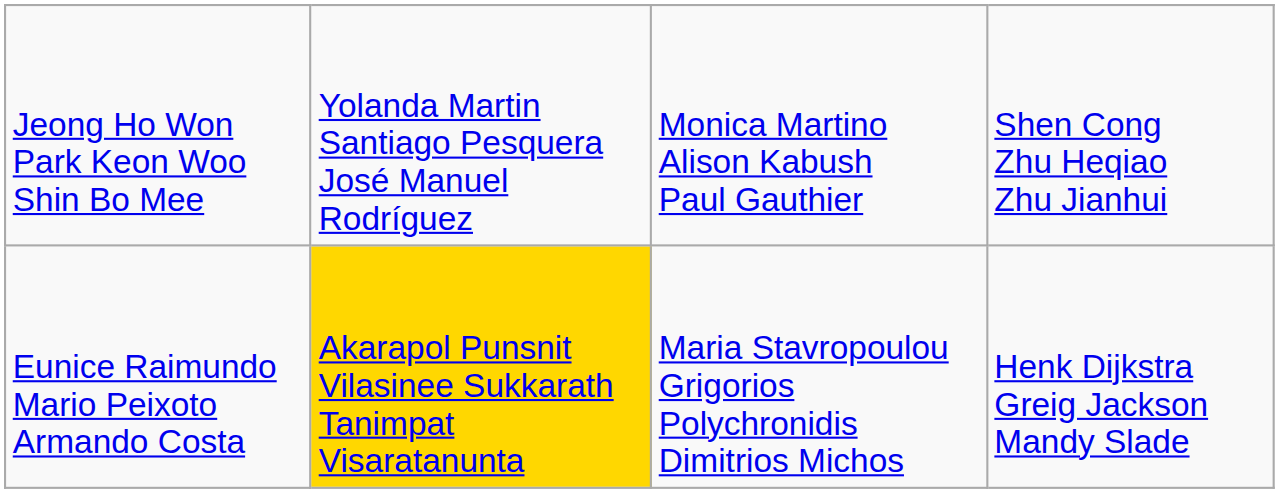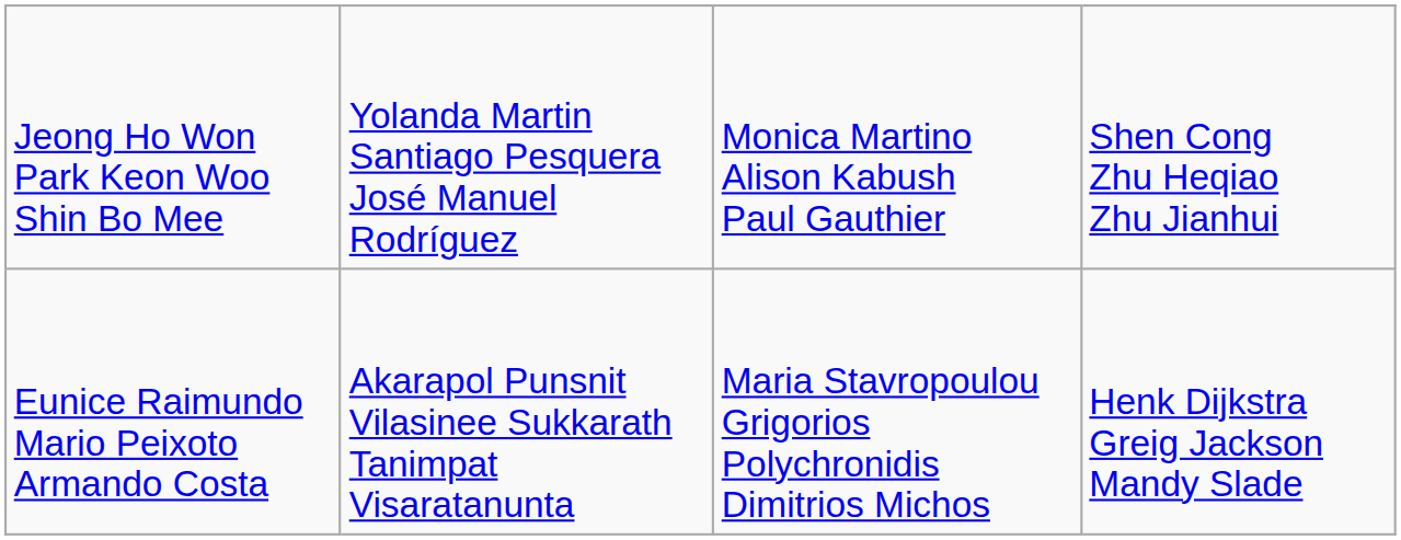 <table class="wikitable">
 <tr>
 <td style="width:16em"><br><br><a href='#'>Jeong Ho Won</a><br> <a href='#'>Park Keon Woo</a><br> <a href='#'>Shin Bo Mee</a></td>
 <td style="width:16em"><br><br><a href='#'>Yolanda Martin</a><br> <a href='#'>Santiago Pesquera</a><br> <a href='#'>José Manuel Rodríguez</a></td>
 <td style="width:16em"><br><br><a href='#'>Monica Martino</a><br> <a href='#'>Alison Kabush</a><br> <a href='#'>Paul Gauthier</a></td>
 <td style="width:16em"><br><br><a href='#'>Shen Cong</a><br> <a href='#'>Zhu Heqiao</a><br> <a href='#'>Zhu Jianhui</a></td>
 </tr>
 <tr>
 <td><br><br><a href='#'>Eunice Raimundo</a><br> <a href='#'>Mario Peixoto</a><br> <a href='#'>Armando Costa</a></td>
-<td style="background: gold;"><br><br><a href='#'>Akarapol Punsnit</a><br> <a href='#'>Vilasinee Sukkarath</a><br> <a href='#'>Tanimpat Visaratanunta</a></td>
+<td><br><br><a href='#'>Akarapol Punsnit</a><br> <a href='#'>Vilasinee Sukkarath</a><br> <a href='#'>Tanimpat Visaratanunta</a></td>
 <td><br><br><a href='#'>Maria Stavropoulou</a><br> <a href='#'>Grigorios Polychronidis</a><br> <a href='#'>Dimitrios Michos</a></td>
 <td><br><br><a href='#'>Henk Dijkstra</a><br> <a href='#'>Greig Jackson</a><br> <a href='#'>Mandy Slade</a></td>
 </tr>
 </table>
